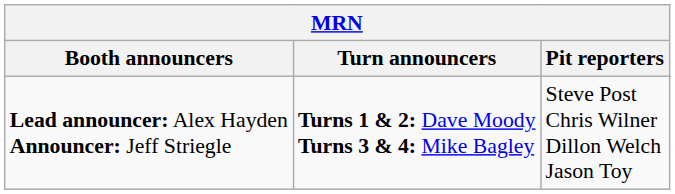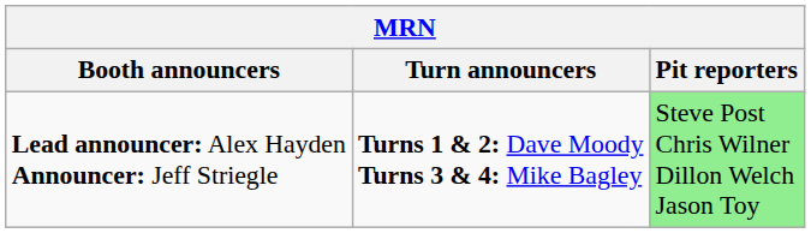 <table class="wikitable" style="font-size: 95%;">
 <tr>
 <th colspan="3"><a href='#'>MRN</a></th>
 </tr>
 <tr>
 <th>Booth announcers</th>
 <th>Turn announcers</th>
 <th>Pit reporters</th>
 </tr>
 <tr>
 <td><strong>Lead announcer:</strong> Alex Hayden<br><strong>Announcer:</strong> Jeff Striegle</td>
 <td><strong>Turns 1 & 2: </strong><a href='#'>Dave Moody</a><br><strong>Turns 3 & 4: </strong><a href='#'>Mike Bagley</a></td>
-<td>Steve Post<br>Chris Wilner<br>Dillon Welch<br>Jason Toy</td>
+<td style="background: lightgreen;">Steve Post<br>Chris Wilner<br>Dillon Welch<br>Jason Toy</td>
 </tr>
 </table>
